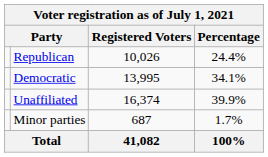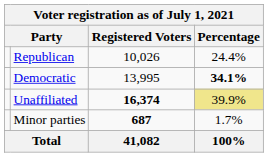 <table class=wikitable>
 <tr>
 <th colspan="4">Voter registration as of July 1, 2021</th>
 </tr>
 <tr>
 <th colspan = 2>Party</th>
 <th>Registered Voters</th>
 <th>Percentage</th>
 </tr>
 <tr>
 <td></td>
 <td><a href='#'>Republican</a></td>
 <td style="text-align:center;">10,026</td>
 <td style="text-align:center;">24.4%</td>
 </tr>
 <tr>
 <td></td>
 <td><a href='#'>Democratic</a></td>
 <td style="text-align:center;">13,995</td>
-<td style="text-align:center;">34.1%</td>
+<td style="text-align:center;"><strong>34.1%</strong></td>
 </tr>
 <tr>
 <td></td>
 <td><a href='#'>Unaffiliated</a></td>
-<td style="text-align:center;">16,374</td>
-<td style="text-align:center;">39.9%</td>
+<td style="text-align:center;"><strong>16,374</strong></td>
+<td style="background: khaki; text-align:center;">39.9%</td>
 </tr>
 <tr>
 <td></td>
 <td>Minor parties</td>
-<td style="text-align:center;">687</td>
+<td style="text-align:center;"><strong>687</strong></td>
 <td style="text-align:center;">1.7%</td>
 </tr>
 <tr>
 <th colspan = 2>Total</th>
 <th style="text-align:center;">41,082</th>
 <th style="text-align:center;">100%</th>
 </tr>
 </table>
